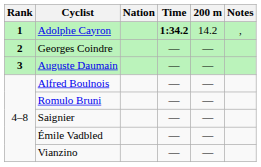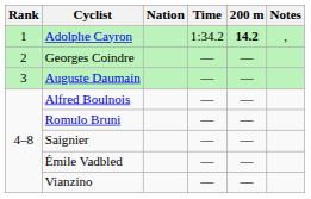 <table class="wikitable sortable" style="text-align:center">
 <tr>
 <th>Rank</th>
 <th>Cyclist</th>
 <th>Nation</th>
 <th>Time</th>
 <th>200 m</th>
 <th>Notes</th>
 </tr>
 <tr bgcolor=bbf3bb>
-<td><strong>1</strong></td>
+<td>1</td>
 <td align=left><a href='#'>Adolphe Cayron</a></td>
 <td align=left></td>
-<td><strong>1:34.2</strong></td>
-<td>14.2</td>
+<td>1:34.2</td>
+<td><strong>14.2</strong></td>
 <td>, </td>
 </tr>
 <tr bgcolor=bbf3bb>
-<td><strong>2</strong></td>
+<td>2</td>
 <td align=left>Georges Coindre</td>
 <td align=left></td>
 <td data-sort-value=9:99.9>—</td>
 <td data-sort-value=99.9>—</td>
 <td></td>
 </tr>
 <tr bgcolor=bbf3bb>
-<td><strong>3</strong></td>
+<td>3</td>
 <td align=left><a href='#'>Auguste Daumain</a></td>
 <td align=left></td>
 <td data-sort-value=9:99.9>—</td>
 <td data-sort-value=99.9>—</td>
 <td></td>
 </tr>
 <tr>
 <td rowspan=5>4–8</td>
 <td align=left><a href='#'>Alfred Boulnois</a></td>
 <td align=left></td>
 <td data-sort-value=9:99.9>—</td>
 <td data-sort-value=99.9>—</td>
 <td></td>
 </tr>
 <tr>
 <td align=left><a href='#'>Romulo Bruni</a></td>
 <td align=left></td>
 <td data-sort-value=9:99.9>—</td>
 <td data-sort-value=99.9>—</td>
 <td></td>
 </tr>
 <tr>
 <td align=left>Saignier</td>
 <td align=left></td>
 <td data-sort-value=9:99.9>—</td>
 <td data-sort-value=99.9>—</td>
 <td></td>
 </tr>
 <tr>
 <td align=left>Émile Vadbled</td>
 <td align=left></td>
 <td data-sort-value=9:99.9>—</td>
 <td data-sort-value=99.9>—</td>
 <td></td>
 </tr>
 <tr>
 <td align=left>Vianzino</td>
 <td align=left></td>
 <td data-sort-value=9:99.9>—</td>
 <td data-sort-value=99.9>—</td>
 <td></td>
 </tr>
 </table>
